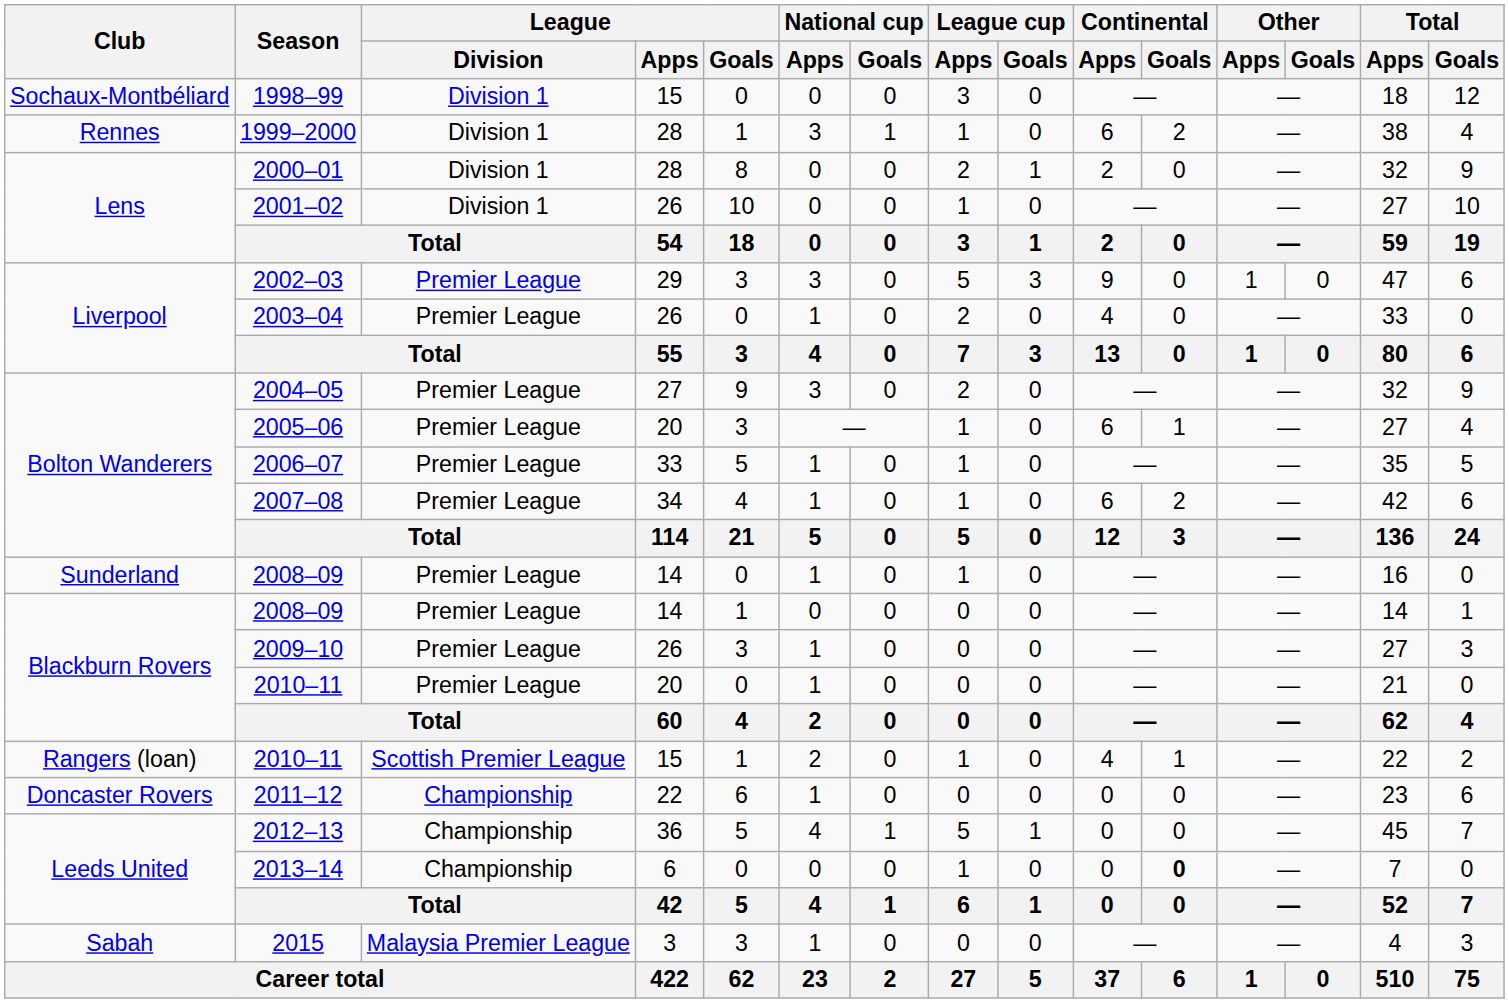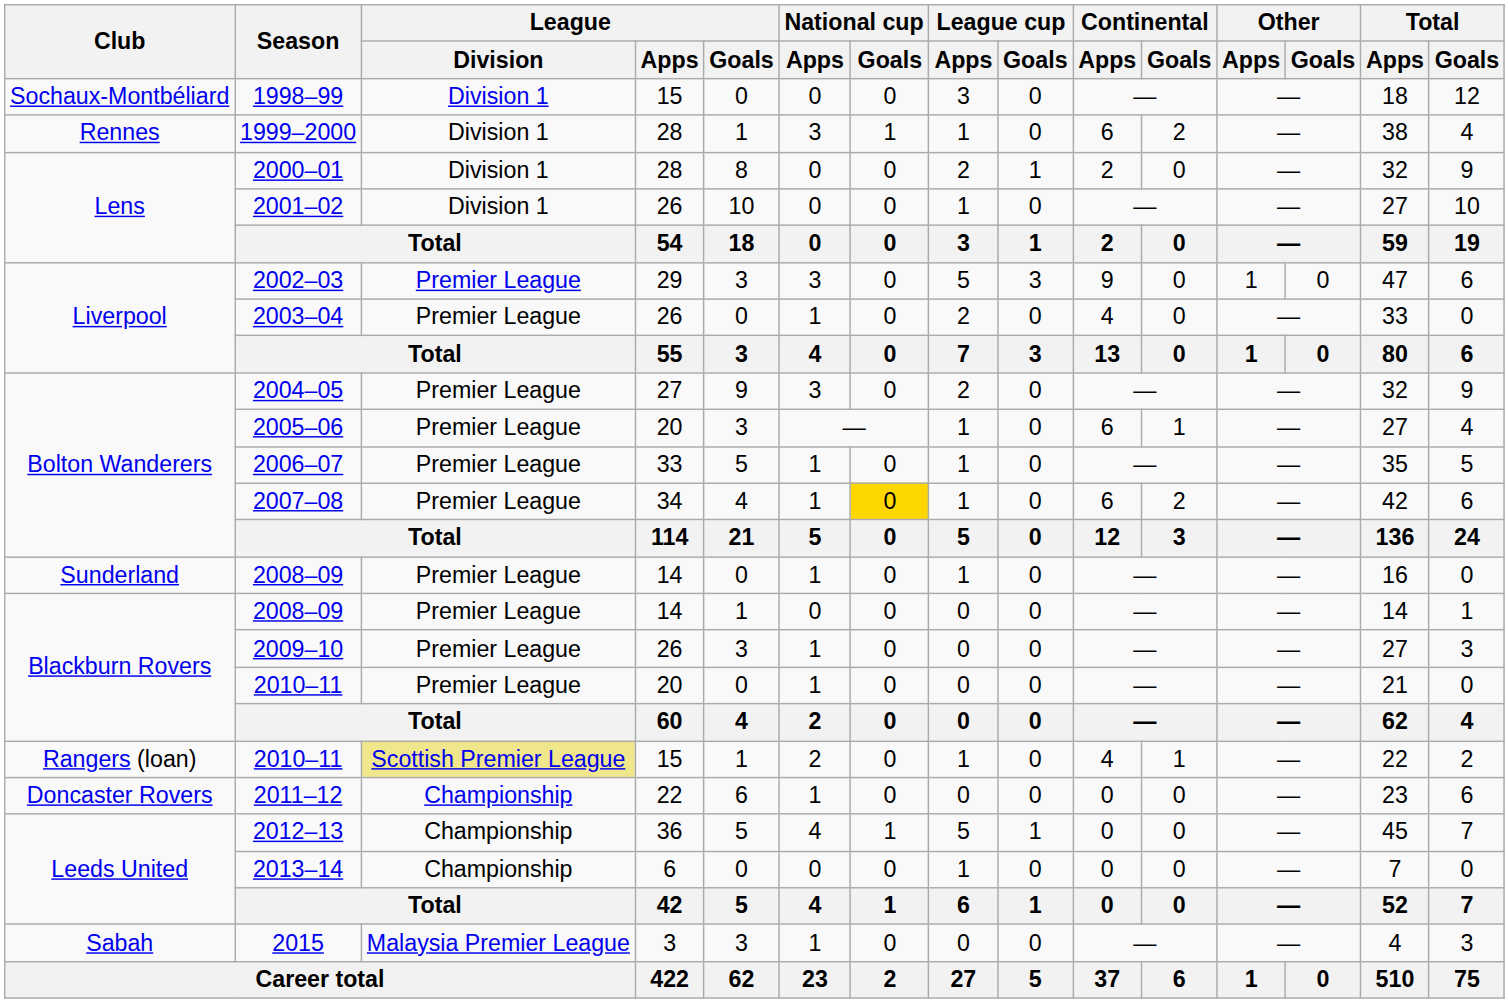 <table class="wikitable" style="text-align:center">
 <tr>
 <th rowspan="2">Club</th>
 <th rowspan="2">Season</th>
 <th colspan="3">League</th>
 <th colspan="2">National cup</th>
 <th colspan="2">League cup</th>
 <th colspan="2">Continental</th>
 <th colspan="2">Other</th>
 <th colspan="2">Total</th>
 </tr>
 <tr>
 <th>Division</th>
 <th>Apps</th>
 <th>Goals</th>
 <th>Apps</th>
 <th>Goals</th>
 <th>Apps</th>
 <th>Goals</th>
 <th>Apps</th>
 <th>Goals</th>
 <th>Apps</th>
 <th>Goals</th>
 <th>Apps</th>
 <th>Goals</th>
 </tr>
 <tr>
 <td><a href='#'>Sochaux-Montbéliard</a></td>
 <td><a href='#'>1998–99</a></td>
 <td><a href='#'>Division 1</a></td>
 <td>15</td>
 <td>0</td>
 <td>0</td>
 <td>0</td>
 <td>3</td>
 <td>0</td>
 <td colspan="2">—</td>
 <td colspan="2">—</td>
 <td>18</td>
 <td>12</td>
 </tr>
 <tr>
 <td><a href='#'>Rennes</a></td>
 <td><a href='#'>1999–2000</a></td>
 <td>Division 1</td>
 <td>28</td>
 <td>1</td>
 <td>3</td>
 <td>1</td>
 <td>1</td>
 <td>0</td>
 <td>6</td>
 <td>2</td>
 <td colspan="2">—</td>
 <td>38</td>
 <td>4</td>
 </tr>
 <tr>
 <td rowspan="3"><a href='#'>Lens</a></td>
 <td><a href='#'>2000–01</a></td>
 <td>Division 1</td>
 <td>28</td>
 <td>8</td>
 <td>0</td>
 <td>0</td>
 <td>2</td>
 <td>1</td>
 <td>2</td>
 <td>0</td>
 <td colspan="2">—</td>
 <td>32</td>
 <td>9</td>
 </tr>
 <tr>
 <td><a href='#'>2001–02</a></td>
 <td>Division 1</td>
 <td>26</td>
 <td>10</td>
 <td>0</td>
 <td>0</td>
 <td>1</td>
 <td>0</td>
 <td colspan="2">—</td>
 <td colspan="2">—</td>
 <td>27</td>
 <td>10</td>
 </tr>
 <tr>
 <th colspan="2">Total</th>
 <th>54</th>
 <th>18</th>
 <th>0</th>
 <th>0</th>
 <th>3</th>
 <th>1</th>
 <th>2</th>
 <th>0</th>
 <th colspan="2">—</th>
 <th>59</th>
 <th>19</th>
 </tr>
 <tr>
 <td rowspan="3"><a href='#'>Liverpool</a></td>
 <td><a href='#'>2002–03</a></td>
 <td><a href='#'>Premier League</a></td>
 <td>29</td>
 <td>3</td>
 <td>3</td>
 <td>0</td>
 <td>5</td>
 <td>3</td>
 <td>9</td>
 <td>0</td>
 <td>1</td>
 <td>0</td>
 <td>47</td>
 <td>6</td>
 </tr>
 <tr>
 <td><a href='#'>2003–04</a></td>
 <td>Premier League</td>
 <td>26</td>
 <td>0</td>
 <td>1</td>
 <td>0</td>
 <td>2</td>
 <td>0</td>
 <td>4</td>
 <td>0</td>
 <td colspan="2">—</td>
 <td>33</td>
 <td>0</td>
 </tr>
 <tr>
 <th colspan="2">Total</th>
 <th>55</th>
 <th>3</th>
 <th>4</th>
 <th>0</th>
 <th>7</th>
 <th>3</th>
 <th>13</th>
 <th>0</th>
 <th>1</th>
 <th>0</th>
 <th>80</th>
 <th>6</th>
 </tr>
 <tr>
 <td rowspan="5"><a href='#'>Bolton Wanderers</a></td>
 <td><a href='#'>2004–05</a></td>
 <td>Premier League</td>
 <td>27</td>
 <td>9</td>
 <td>3</td>
 <td>0</td>
 <td>2</td>
 <td>0</td>
 <td colspan="2">—</td>
 <td colspan="2">—</td>
 <td>32</td>
 <td>9</td>
 </tr>
 <tr>
 <td><a href='#'>2005–06</a></td>
 <td>Premier League</td>
 <td>20</td>
 <td>3</td>
 <td colspan="2">—</td>
 <td>1</td>
 <td>0</td>
 <td>6</td>
 <td>1</td>
 <td colspan="2">—</td>
 <td>27</td>
 <td>4</td>
 </tr>
 <tr>
 <td><a href='#'>2006–07</a></td>
 <td>Premier League</td>
 <td>33</td>
 <td>5</td>
 <td>1</td>
 <td>0</td>
 <td>1</td>
 <td>0</td>
 <td colspan="2">—</td>
 <td colspan="2">—</td>
 <td>35</td>
 <td>5</td>
 </tr>
 <tr>
 <td><a href='#'>2007–08</a></td>
 <td>Premier League</td>
 <td>34</td>
 <td>4</td>
 <td>1</td>
-<td>0</td>
+<td style="background: gold;">0</td>
 <td>1</td>
 <td>0</td>
 <td>6</td>
 <td>2</td>
 <td colspan="2">—</td>
 <td>42</td>
 <td>6</td>
 </tr>
 <tr>
 <th colspan="2">Total</th>
 <th>114</th>
 <th>21</th>
 <th>5</th>
 <th>0</th>
 <th>5</th>
 <th>0</th>
 <th>12</th>
 <th>3</th>
 <th colspan="2">—</th>
 <th>136</th>
 <th>24</th>
 </tr>
 <tr>
 <td><a href='#'>Sunderland</a></td>
 <td><a href='#'>2008–09</a></td>
 <td>Premier League</td>
 <td>14</td>
 <td>0</td>
 <td>1</td>
 <td>0</td>
 <td>1</td>
 <td>0</td>
 <td colspan="2">—</td>
 <td colspan="2">—</td>
 <td>16</td>
 <td>0</td>
 </tr>
 <tr>
 <td rowspan="4"><a href='#'>Blackburn Rovers</a></td>
 <td><a href='#'>2008–09</a></td>
 <td>Premier League</td>
 <td>14</td>
 <td>1</td>
 <td>0</td>
 <td>0</td>
 <td>0</td>
 <td>0</td>
 <td colspan="2">—</td>
 <td colspan="2">—</td>
 <td>14</td>
 <td>1</td>
 </tr>
 <tr>
 <td><a href='#'>2009–10</a></td>
 <td>Premier League</td>
 <td>26</td>
 <td>3</td>
 <td>1</td>
 <td>0</td>
 <td>0</td>
 <td>0</td>
 <td colspan="2">—</td>
 <td colspan="2">—</td>
 <td>27</td>
 <td>3</td>
 </tr>
 <tr>
 <td><a href='#'>2010–11</a></td>
 <td>Premier League</td>
 <td>20</td>
 <td>0</td>
 <td>1</td>
 <td>0</td>
 <td>0</td>
 <td>0</td>
 <td colspan="2">—</td>
 <td colspan="2">—</td>
 <td>21</td>
 <td>0</td>
 </tr>
 <tr>
 <th colspan="2">Total</th>
 <th>60</th>
 <th>4</th>
 <th>2</th>
 <th>0</th>
 <th>0</th>
 <th>0</th>
 <th colspan="2">—</th>
 <th colspan="2">—</th>
 <th>62</th>
 <th>4</th>
 </tr>
 <tr>
 <td><a href='#'>Rangers</a> (loan)</td>
 <td><a href='#'>2010–11</a></td>
-<td><a href='#'>Scottish Premier League</a></td>
+<td style="background: khaki;"><a href='#'>Scottish Premier League</a></td>
 <td>15</td>
 <td>1</td>
 <td>2</td>
 <td>0</td>
 <td>1</td>
 <td>0</td>
 <td>4</td>
 <td>1</td>
 <td colspan="2">—</td>
 <td>22</td>
 <td>2</td>
 </tr>
 <tr>
 <td><a href='#'>Doncaster Rovers</a></td>
 <td><a href='#'>2011–12</a></td>
 <td><a href='#'>Championship</a></td>
 <td>22</td>
 <td>6</td>
 <td>1</td>
 <td>0</td>
 <td>0</td>
 <td>0</td>
 <td>0</td>
 <td>0</td>
 <td colspan="2">—</td>
 <td>23</td>
 <td>6</td>
 </tr>
 <tr>
 <td rowspan="3"><a href='#'>Leeds United</a></td>
 <td><a href='#'>2012–13</a></td>
 <td>Championship</td>
 <td>36</td>
 <td>5</td>
 <td>4</td>
 <td>1</td>
 <td>5</td>
 <td>1</td>
 <td>0</td>
 <td>0</td>
 <td colspan="2">—</td>
 <td>45</td>
 <td>7</td>
 </tr>
 <tr>
 <td><a href='#'>2013–14</a></td>
 <td>Championship</td>
 <td>6</td>
 <td>0</td>
 <td>0</td>
 <td>0</td>
 <td>1</td>
 <td>0</td>
 <td>0</td>
-<td><strong>0</strong></td>
+<td>0</td>
 <td colspan="2">—</td>
 <td>7</td>
 <td>0</td>
 </tr>
 <tr>
 <th colspan="2">Total</th>
 <th>42</th>
 <th>5</th>
 <th>4</th>
 <th>1</th>
 <th>6</th>
 <th>1</th>
 <th>0</th>
 <th>0</th>
 <th colspan="2">—</th>
 <th>52</th>
 <th>7</th>
 </tr>
 <tr>
 <td><a href='#'>Sabah</a></td>
 <td><a href='#'>2015</a></td>
 <td><a href='#'>Malaysia Premier League</a></td>
 <td>3</td>
 <td>3</td>
 <td>1</td>
 <td>0</td>
 <td>0</td>
 <td>0</td>
 <td colspan="2">—</td>
 <td colspan="2">—</td>
 <td>4</td>
 <td>3</td>
 </tr>
 <tr>
 <th colspan="3">Career total</th>
 <th>422</th>
 <th>62</th>
 <th>23</th>
 <th>2</th>
 <th>27</th>
 <th>5</th>
 <th>37</th>
 <th>6</th>
 <th>1</th>
 <th>0</th>
 <th>510</th>
 <th>75</th>
 </tr>
 </table>
